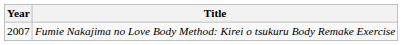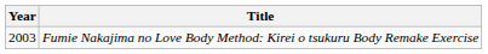 <table class="wikitable">
 <tr>
 <th>Year</th>
 <th>Title</th>
 </tr>
 <tr>
-<td>2007</td>
+<td>2003</td>
 <td><em>Fumie Nakajima no Love Body Method: Kirei o tsukuru Body Remake Exercise</em></td>
 </tr>
 </table>
